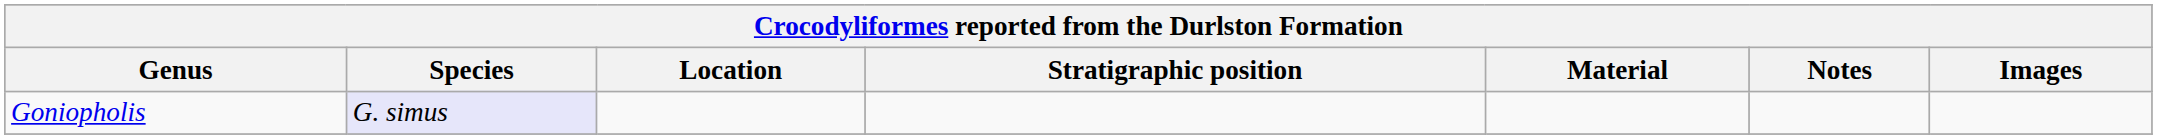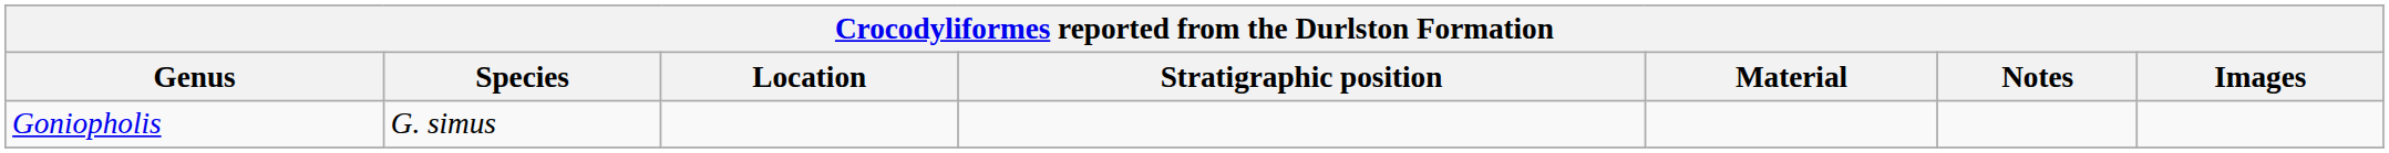 <table class="wikitable" align="center" width="100%">
 <tr>
 <th colspan="7" align="center"><strong><a href='#'>Crocodyliformes</a> reported from the Durlston Formation</strong></th>
 </tr>
 <tr>
 <th>Genus</th>
 <th>Species</th>
 <th>Location</th>
 <th>Stratigraphic position</th>
 <th>Material</th>
 <th>Notes</th>
 <th>Images</th>
 </tr>
 <tr>
 <td><em><a href='#'>Goniopholis</a></em></td>
-<td style="background: lavender;"><em>G. simus</em></td>
+<td><em>G. simus</em></td>
 <td></td>
 <td></td>
 <td></td>
 <td></td>
 <td></td>
 </tr>
 </table>
